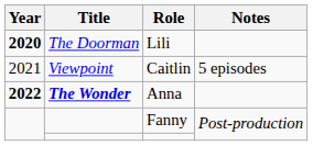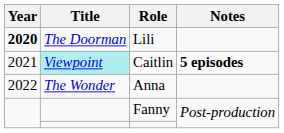 <table class="wikitable sortable">
 <tr>
 <th>Year</th>
 <th>Title</th>
 <th>Role</th>
 <th class="unsortable">Notes</th>
 </tr>
 <tr>
 <td><strong>2020</strong></td>
 <td><em><a href='#'> The Doorman</a></em></td>
 <td>Lili</td>
 <td></td>
 </tr>
 <tr>
 <td>2021</td>
-<td><em><a href='#'>Viewpoint</a></em></td>
+<td style="background: paleturquoise;"><em><a href='#'>Viewpoint</a></em></td>
 <td>Caitlin</td>
-<td>5 episodes</td>
+<td><strong>5 episodes</strong></td>
 </tr>
 <tr>
-<td><strong>2022</strong></td>
-<td><strong><em><a href='#'>The Wonder</a></em></strong></td>
+<td>2022</td>
+<td><em><a href='#'>The Wonder</a></em></td>
 <td>Anna</td>
 <td></td>
 </tr>
 <tr>
 <td rowspan="2"></td>
 <td></td>
 <td>Fanny</td>
 <td rowspan="2"><em>Post-production</em></td>
 </tr>
 <tr>
 <td></td>
 <td></td>
 </tr>
 </table>
